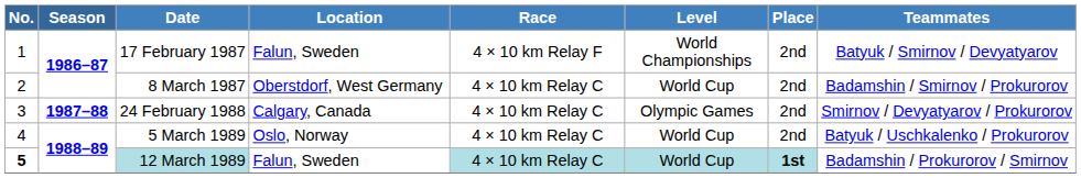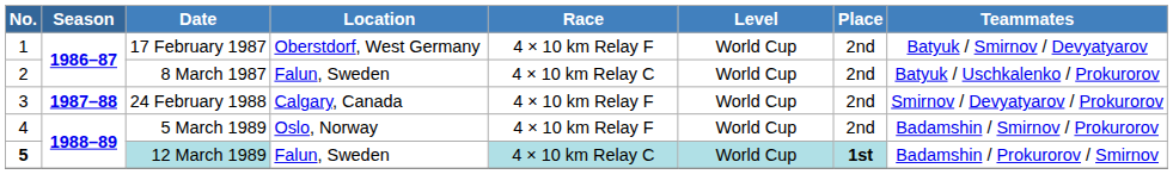 <table class="wikitable sortable" style="font-size:95%; text-align:center; border:grey solid 1px; border-collapse:collapse; background:#ffffff;">
 <tr style="background:#efefef;">
 <th style="background-color:#369; color:white;">No.</th>
 <th style="background-color:#369; color:white;">Season</th>
 <th style="background-color:#4180be; color:white; width:120px;">Date</th>
 <th style="background-color:#4180be; color:white; width:185px;">Location</th>
 <th style="background-color:#4180be; color:white; width:160px;">Race</th>
 <th style="background-color:#4180be; color:white; width:130px;">Level</th>
 <th style="background-color:#4180be; color:white;">Place</th>
 <th style="background-color:#4180be; color:white;">Teammates</th>
 </tr>
 <tr>
 <td align=center>1</td>
 <td rowspan=2 align=center><strong> <a href='#'>1986–87</a> </strong></td>
 <td align=right>17 February 1987</td>
-<td align=left> <a href='#'>Falun</a>, Sweden</td>
+<td align=left> <a href='#'>Oberstdorf</a>, West Germany</td>
 <td>4 × 10 km Relay F</td>
-<td>World Championships</td>
+<td>World Cup</td>
 <td>2nd</td>
 <td><a href='#'>Batyuk</a> / <a href='#'>Smirnov</a> / <a href='#'>Devyatyarov</a></td>
 </tr>
 <tr>
 <td align=center>2</td>
 <td align=right>8 March 1987</td>
-<td align=left> <a href='#'>Oberstdorf</a>, West Germany</td>
+<td align=left> <a href='#'>Falun</a>, Sweden</td>
 <td>4 × 10 km Relay C</td>
 <td>World Cup</td>
 <td>2nd</td>
-<td><a href='#'>Badamshin</a> / <a href='#'>Smirnov</a> / <a href='#'>Prokurorov</a></td>
+<td><a href='#'>Batyuk</a> / <a href='#'>Uschkalenko</a> / <a href='#'>Prokurorov</a></td>
 </tr>
 <tr>
 <td align=center>3</td>
 <td rowspan=1 align=center><strong> <a href='#'>1987–88</a> </strong></td>
 <td align=right>24 February 1988</td>
 <td align=left> <a href='#'>Calgary</a>, Canada</td>
-<td>4 × 10 km Relay C</td>
-<td>Olympic Games</td>
+<td>4 × 10 km Relay F</td>
+<td>World Cup</td>
 <td>2nd</td>
 <td><a href='#'>Smirnov</a> / <a href='#'>Devyatyarov</a> / <a href='#'>Prokurorov</a></td>
 </tr>
 <tr>
 <td align=center>4</td>
 <td rowspan=2 align=center><strong> <a href='#'>1988–89</a> </strong></td>
 <td align=right>5 March 1989</td>
 <td align=left> <a href='#'>Oslo</a>, Norway</td>
-<td>4 × 10 km Relay C</td>
+<td>4 × 10 km Relay F</td>
 <td>World Cup</td>
 <td>2nd</td>
-<td><a href='#'>Batyuk</a> / <a href='#'>Uschkalenko</a> / <a href='#'>Prokurorov</a></td>
+<td><a href='#'>Badamshin</a> / <a href='#'>Smirnov</a> / <a href='#'>Prokurorov</a></td>
 </tr>
 <tr>
 <td align=center><strong>5</strong></td>
 <td bgcolor="#BOEOE6" align=right>12 March 1989</td>
 <td align=left> <a href='#'>Falun</a>, Sweden</td>
 <td bgcolor="#BOEOE6">4 × 10 km Relay C</td>
 <td bgcolor="#BOEOE6">World Cup</td>
 <td bgcolor="#BOEOE6"><strong>1st</strong></td>
 <td><a href='#'>Badamshin</a> / <a href='#'>Prokurorov</a> / <a href='#'>Smirnov</a></td>
 </tr>
 <tr>
 </tr>
 </table>
